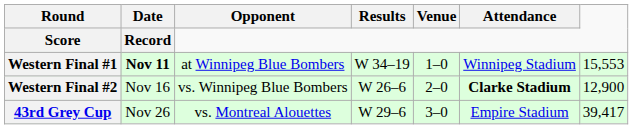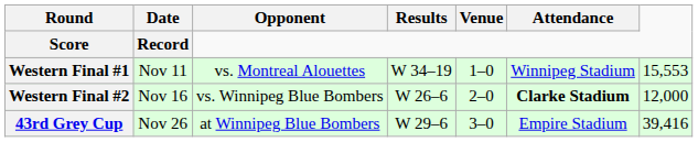 <table class="wikitable" style="text-align:center">
 <tr>
 <th>Round</th>
 <th>Date</th>
 <th>Opponent</th>
 <th>Results</th>
 <th>Venue</th>
 <th>Attendance</th>
 </tr>
 <tr>
 <th>Score</th>
 <th>Record</th>
 </tr>
 <tr style="background:#ddffdd">
 <th>Western Final #1</th>
-<td><strong>Nov 11</strong></td>
-<td>at <a href='#'>Winnipeg Blue Bombers</a></td>
+<td>Nov 11</td>
+<td>vs. <a href='#'>Montreal Alouettes</a></td>
 <td>W 34–19</td>
 <td>1–0</td>
 <td><a href='#'>Winnipeg Stadium</a></td>
 <td>15,553</td>
 </tr>
 <tr style="background:#ddffdd">
 <th>Western Final #2</th>
 <td>Nov 16</td>
 <td>vs. Winnipeg Blue Bombers</td>
 <td>W 26–6</td>
 <td>2–0</td>
 <td><strong>Clarke Stadium</strong></td>
-<td>12,900</td>
+<td>12,000</td>
 </tr>
 <tr style="background:#ddffdd">
 <th><a href='#'>43rd Grey Cup</a></th>
 <td>Nov 26</td>
-<td>vs. <a href='#'>Montreal Alouettes</a></td>
+<td>at <a href='#'>Winnipeg Blue Bombers</a></td>
 <td>W 29–6</td>
 <td>3–0</td>
 <td><a href='#'>Empire Stadium</a></td>
-<td>39,417</td>
+<td>39,416</td>
 </tr>
 </table>
